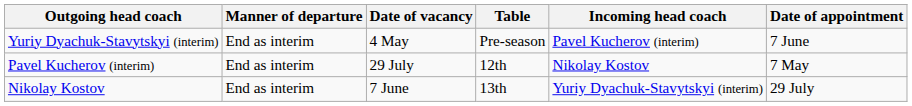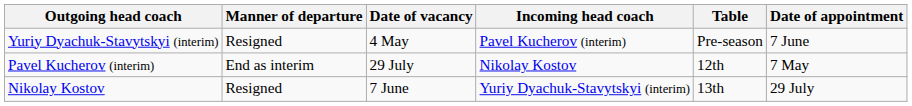 <table class="wikitable">
 <tr>
 <th>Outgoing head coach</th>
 <th>Manner of departure</th>
 <th>Date of vacancy</th>
+<th>Incoming head coach</th>
 <th>Table</th>
-<th>Incoming head coach</th>
 <th>Date of appointment</th>
 </tr>
 <tr>
 <td> <a href='#'>Yuriy Dyachuk-Stavytskyi</a> <small>(interim)</small></td>
-<td>End as interim</td>
+<td>Resigned</td>
 <td>4 May</td>
+<td> <a href='#'>Pavel Kucherov</a> <small>(interim)</small></td>
 <td>Pre-season</td>
-<td> <a href='#'>Pavel Kucherov</a> <small>(interim)</small></td>
 <td>7 June</td>
 </tr>
 <tr>
 <td> <a href='#'>Pavel Kucherov</a> <small>(interim)</small></td>
 <td>End as interim</td>
 <td>29 July</td>
+<td> <a href='#'>Nikolay Kostov</a></td>
 <td>12th</td>
-<td> <a href='#'>Nikolay Kostov</a></td>
 <td>7 May</td>
 </tr>
 <tr>
 <td> <a href='#'>Nikolay Kostov</a></td>
-<td>End as interim</td>
+<td>Resigned</td>
 <td>7 June</td>
+<td> <a href='#'>Yuriy Dyachuk-Stavytskyi</a> <small>(interim)</small></td>
 <td>13th</td>
-<td> <a href='#'>Yuriy Dyachuk-Stavytskyi</a> <small>(interim)</small></td>
 <td>29 July</td>
 </tr>
 </table>
